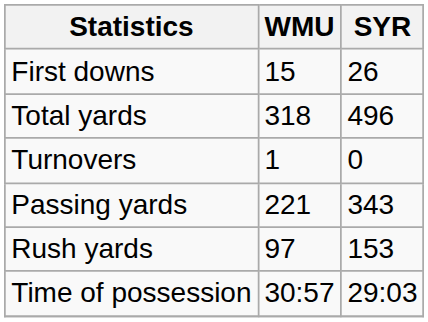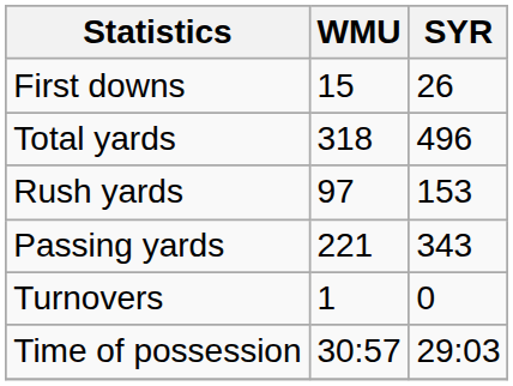 <table class="wikitable" style="float: left;">
 <tr>
 <th>Statistics</th>
 <th>WMU</th>
 <th>SYR</th>
 </tr>
 <tr>
 <td>First downs</td>
 <td>15</td>
 <td>26</td>
 </tr>
 <tr>
 <td>Total yards</td>
 <td>318</td>
 <td>496</td>
 </tr>
 <tr>
-<td>Turnovers</td>
-<td>1</td>
-<td>0</td>
+<td>Rush yards</td>
+<td>97</td>
+<td>153</td>
 </tr>
 <tr>
 <td>Passing yards</td>
 <td>221</td>
 <td>343</td>
 </tr>
 <tr>
-<td>Rush yards</td>
-<td>97</td>
-<td>153</td>
+<td>Turnovers</td>
+<td>1</td>
+<td>0</td>
 </tr>
 <tr>
 <td>Time of possession</td>
 <td>30:57</td>
 <td>29:03</td>
 </tr>
 <tr>
 </tr>
 </table>
